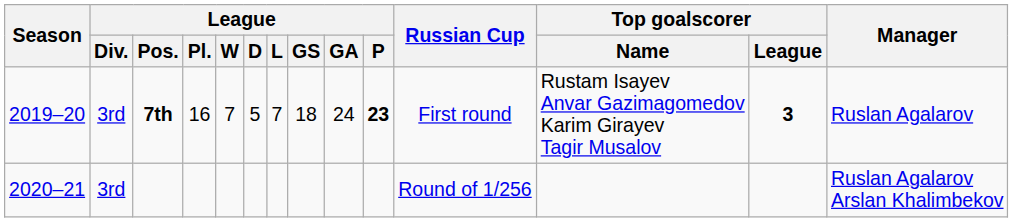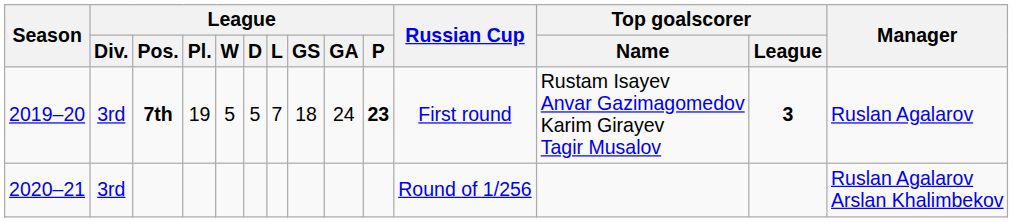 <table class="wikitable mw-collapsible mw-collapsed">
 <tr style="background:#efefef;">
 <th rowspan="2">Season</th>
 <th colspan="9">League</th>
 <th rowspan="2"><a href='#'>Russian Cup</a></th>
 <th colspan="2">Top goalscorer</th>
 <th rowspan="2">Manager</th>
 </tr>
 <tr>
 <th>Div.</th>
 <th>Pos.</th>
 <th>Pl.</th>
 <th>W</th>
 <th>D</th>
 <th>L</th>
 <th>GS</th>
 <th>GA</th>
 <th>P</th>
 <th>Name</th>
 <th>League</th>
 </tr>
 <tr>
 <td align=center><a href='#'>2019–20</a></td>
 <td align=center><a href='#'>3rd</a></td>
 <td style="text-align:center"><strong>7th</strong></td>
-<td align=center>16</td>
-<td align=center>7</td>
+<td align=center>19</td>
+<td align=center>5</td>
 <td align=center>5</td>
 <td align=center>7</td>
 <td align=center>18</td>
 <td align=center>24</td>
 <td align=center><strong>23</strong></td>
 <td style="text-align:center"><a href='#'>First round</a></td>
 <td align=left> Rustam Isayev <br>  <a href='#'>Anvar Gazimagomedov</a> <br>  Karim Girayev <br>  <a href='#'>Tagir Musalov</a></td>
 <td align=center><strong>3</strong></td>
 <td align=left> <a href='#'>Ruslan Agalarov</a></td>
 </tr>
 <tr>
 <td align=center><a href='#'>2020–21</a></td>
 <td align=center><a href='#'>3rd</a></td>
 <td style="text-align:center"><strong> </strong></td>
 <td align=center></td>
 <td align=center></td>
 <td align=center></td>
 <td align=center></td>
 <td align=center></td>
 <td align=center></td>
 <td align=center><strong> </strong></td>
 <td style="text-align:center"><a href='#'>Round of 1/256</a></td>
 <td align=left></td>
 <td align=center></td>
 <td align=left> <a href='#'>Ruslan Agalarov</a> <br>  <a href='#'>Arslan Khalimbekov</a></td>
 </tr>
 </table>
